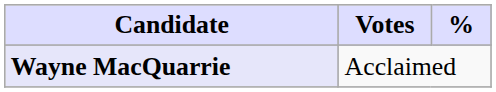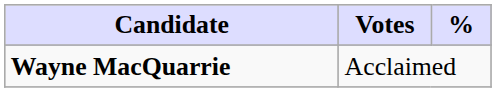 <table class="wikitable">
 <tr>
 <th style="background:#ddf; width:200px;">Candidate</th>
 <th style="background:#ddf; width:50px;">Votes</th>
 <th style="background:#ddf; width:30px;">%</th>
 </tr>
 <tr>
-<td style="background: lavender;"><strong>Wayne MacQuarrie</strong></td>
+<td><strong>Wayne MacQuarrie</strong></td>
 <td colspan="2">Acclaimed</td>
 </tr>
 </table>
